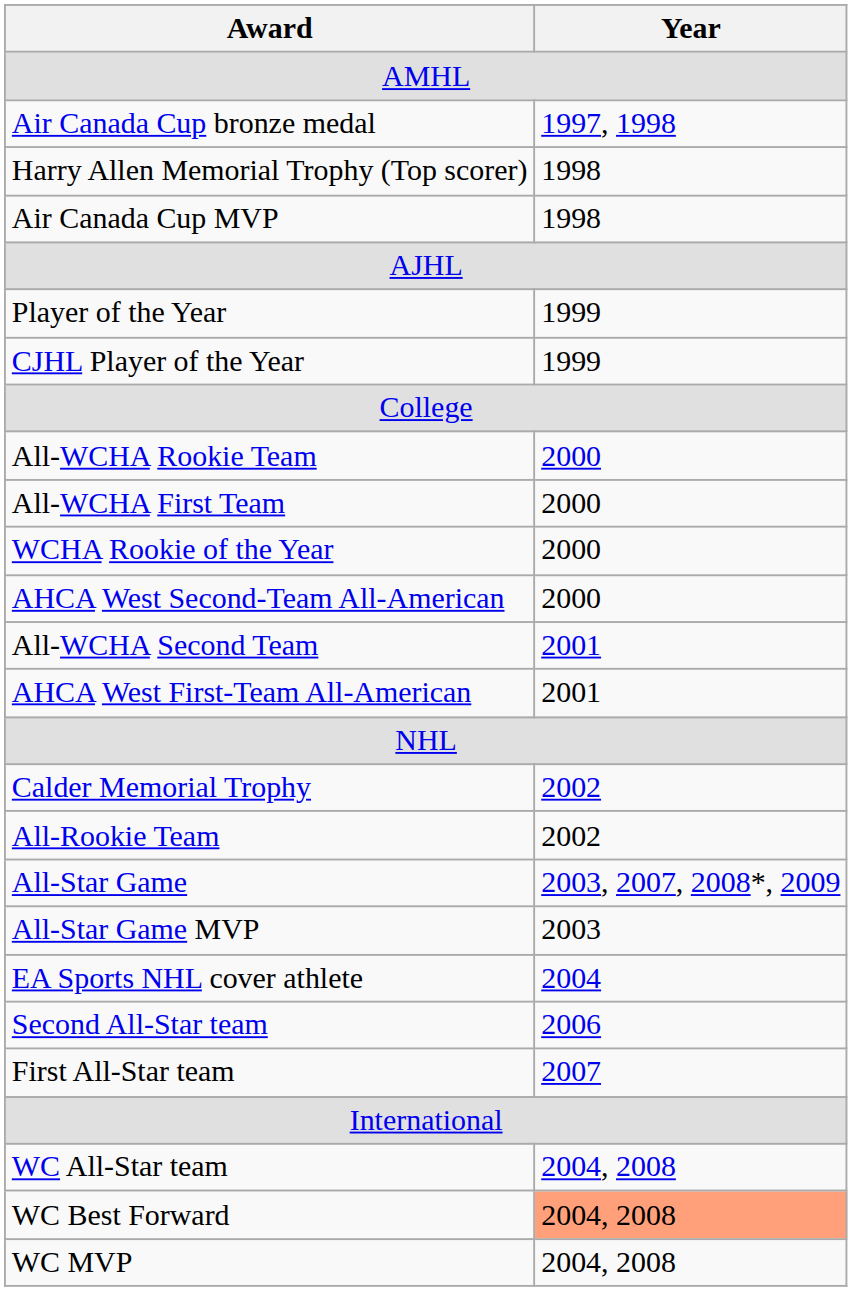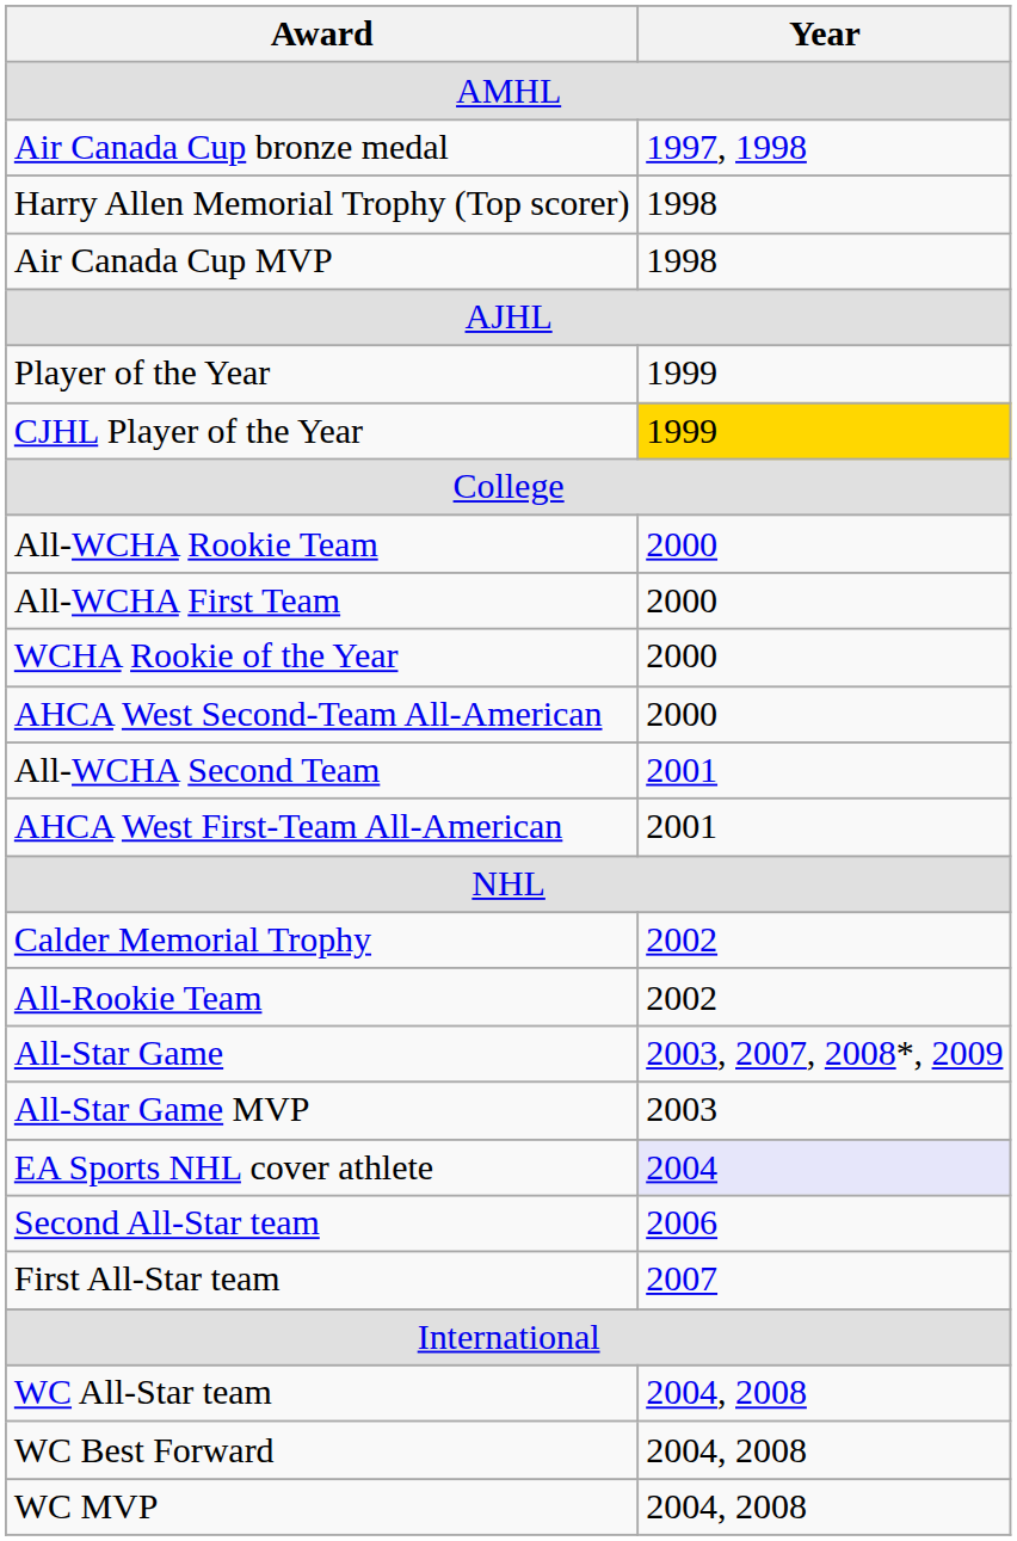 <table class="wikitable">
 <tr>
 <th>Award</th>
 <th>Year</th>
 </tr>
 <tr ALIGN="center" bgcolor="#e0e0e0">
 <td colspan="3"><a href='#'>AMHL</a></td>
 </tr>
 <tr>
 <td><a href='#'>Air Canada Cup</a> bronze medal</td>
 <td><a href='#'>1997</a>, <a href='#'>1998</a></td>
 </tr>
 <tr>
 <td>Harry Allen Memorial Trophy (Top scorer)</td>
 <td>1998</td>
 </tr>
 <tr>
 <td>Air Canada Cup MVP</td>
 <td>1998</td>
 </tr>
 <tr ALIGN="center" bgcolor="#e0e0e0">
 <td colspan="3"><a href='#'>AJHL</a></td>
 </tr>
 <tr>
 <td>Player of the Year</td>
 <td>1999</td>
 </tr>
 <tr>
 <td><a href='#'>CJHL</a> Player of the Year</td>
-<td>1999</td>
+<td style="background: gold;">1999</td>
 </tr>
 <tr ALIGN="center" bgcolor="#e0e0e0">
 <td colspan="3"><a href='#'>College</a></td>
 </tr>
 <tr>
 <td>All-<a href='#'>WCHA</a> <a href='#'>Rookie Team</a></td>
 <td><a href='#'>2000</a></td>
 </tr>
 <tr>
 <td>All-<a href='#'>WCHA</a> <a href='#'>First Team</a></td>
 <td>2000</td>
 </tr>
 <tr>
 <td><a href='#'>WCHA</a> <a href='#'>Rookie of the Year</a></td>
 <td>2000</td>
 </tr>
 <tr>
 <td><a href='#'>AHCA</a> <a href='#'>West Second-Team All-American</a></td>
 <td>2000</td>
 </tr>
 <tr>
 <td>All-<a href='#'>WCHA</a> <a href='#'>Second Team</a></td>
 <td><a href='#'>2001</a></td>
 </tr>
 <tr>
 <td><a href='#'>AHCA</a> <a href='#'>West First-Team All-American</a></td>
 <td>2001</td>
 </tr>
 <tr ALIGN="center" bgcolor="#e0e0e0">
 <td colspan="3"><a href='#'>NHL</a></td>
 </tr>
 <tr>
 <td><a href='#'>Calder Memorial Trophy</a></td>
 <td><a href='#'>2002</a></td>
 </tr>
 <tr>
 <td><a href='#'>All-Rookie Team</a></td>
 <td>2002</td>
 </tr>
 <tr>
 <td><a href='#'>All-Star Game</a></td>
 <td><a href='#'>2003</a>, <a href='#'>2007</a>, <a href='#'>2008</a>*, <a href='#'>2009</a></td>
 </tr>
 <tr>
 <td><a href='#'>All-Star Game</a> MVP</td>
 <td>2003</td>
 </tr>
 <tr>
 <td><a href='#'>EA Sports NHL</a> cover athlete</td>
-<td><a href='#'>2004</a></td>
+<td style="background: lavender;"><a href='#'>2004</a></td>
 </tr>
 <tr>
 <td><a href='#'>Second All-Star team</a></td>
 <td><a href='#'>2006</a></td>
 </tr>
 <tr>
 <td>First All-Star team</td>
 <td><a href='#'>2007</a></td>
 </tr>
 <tr ALIGN="center" bgcolor="#e0e0e0">
 <td colspan="3"><a href='#'>International</a></td>
 </tr>
 <tr>
 <td><a href='#'>WC</a> All-Star team</td>
 <td><a href='#'>2004</a>, <a href='#'>2008</a></td>
 </tr>
 <tr>
 <td>WC Best Forward</td>
-<td style="background: lightsalmon;">2004, 2008</td>
+<td>2004, 2008</td>
 </tr>
 <tr>
 <td>WC MVP</td>
 <td>2004, 2008</td>
 </tr>
 </table>
